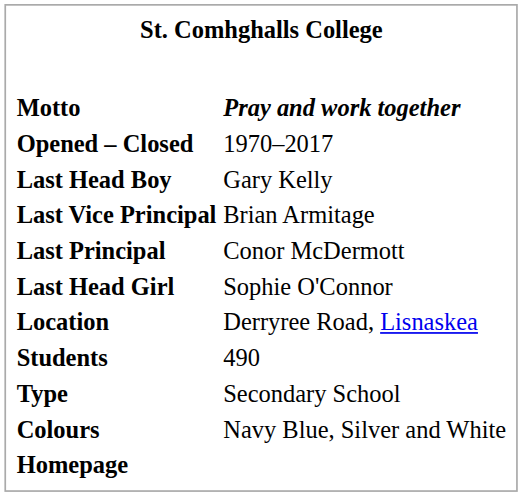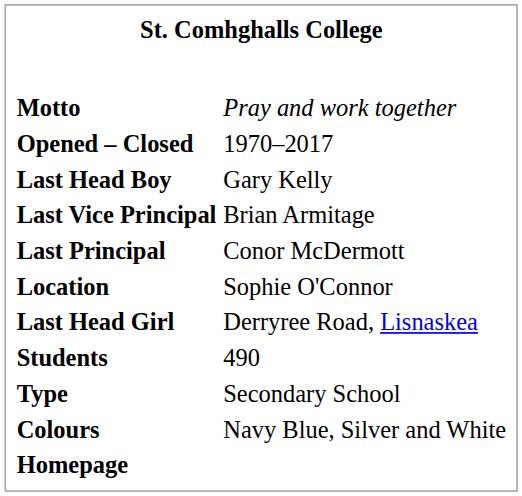 <table class="infobox" style="background:#fff; clear:right; font-size:90%;" cellspacing="2">
 <tr>
 <th colspan="2" style="colour:#000; text-align:center;"><strong>St. Comhghalls College</strong></th>
 </tr>
 <tr>
 <td colspan="2" style="text-align: center;"></td>
 </tr>
 <tr>
 <td colspan="2"><br></td>
 </tr>
 <tr style="vertical-align: top; text-align: left;">
 <td><strong>Motto</strong></td>
-<td><strong><em>Pray and work together</em></strong></td>
+<td><em>Pray and work together</em></td>
 </tr>
 <tr style="vertical-align: top; text-align: left;">
 <td><strong>Opened – Closed</strong></td>
 <td>1970–2017</td>
 </tr>
 <tr style="vertical-align: top; text-align: left;">
 <td><strong>Last Head Boy</strong></td>
 <td>Gary Kelly</td>
 </tr>
 <tr style="vertical-align: top; text-align: left;">
 <td><strong>Last Vice Principal</strong></td>
 <td>Brian Armitage</td>
 </tr>
 <tr style="vertical-align: top; text-align: left;">
 <td><strong>Last Principal</strong></td>
 <td>Conor McDermott</td>
 </tr>
 <tr style="vertical-align: top; text-align: left;">
-<td><strong>Last Head Girl</strong></td>
+<td><strong>Location</strong></td>
 <td>Sophie O'Connor</td>
 </tr>
 <tr style="vertical-align: top; text-align: left;">
-<td><strong>Location</strong></td>
+<td><strong>Last Head Girl</strong></td>
 <td>Derryree Road, <a href='#'>Lisnaskea</a></td>
 </tr>
 <tr style="vertical-align: top; text-align: left;">
 <td><strong>Students</strong></td>
 <td>490</td>
 </tr>
 <tr style="vertical-align: top; text-align: left;">
 <td><strong>Type</strong></td>
 <td>Secondary School</td>
 </tr>
 <tr style="vertical-align: top; text-align: left;">
 <td><strong>Colours</strong></td>
 <td> Navy Blue, Silver and White</td>
 </tr>
 <tr style="vertical-align: top; text-align: left;">
 <td><strong>Homepage</strong></td>
 <td></td>
 </tr>
 </table>
